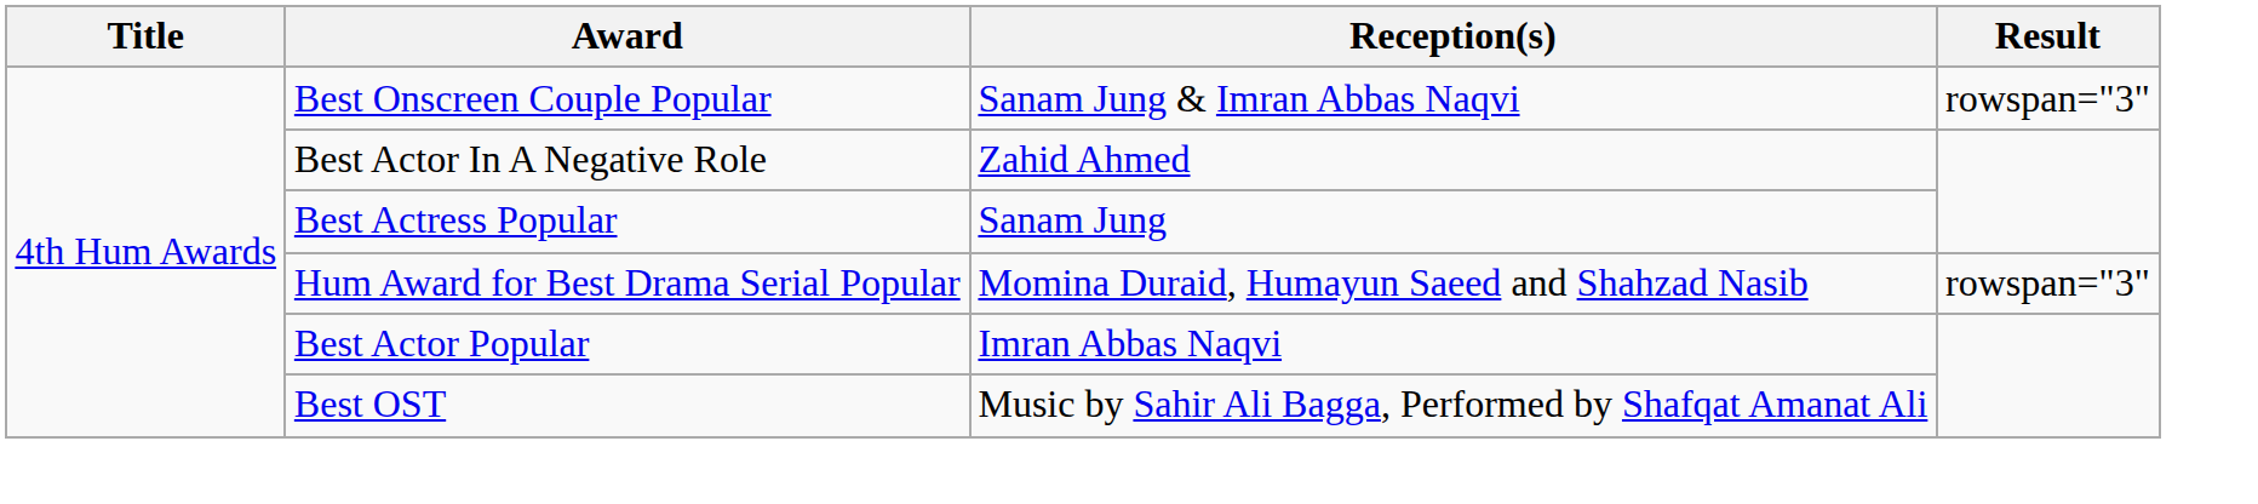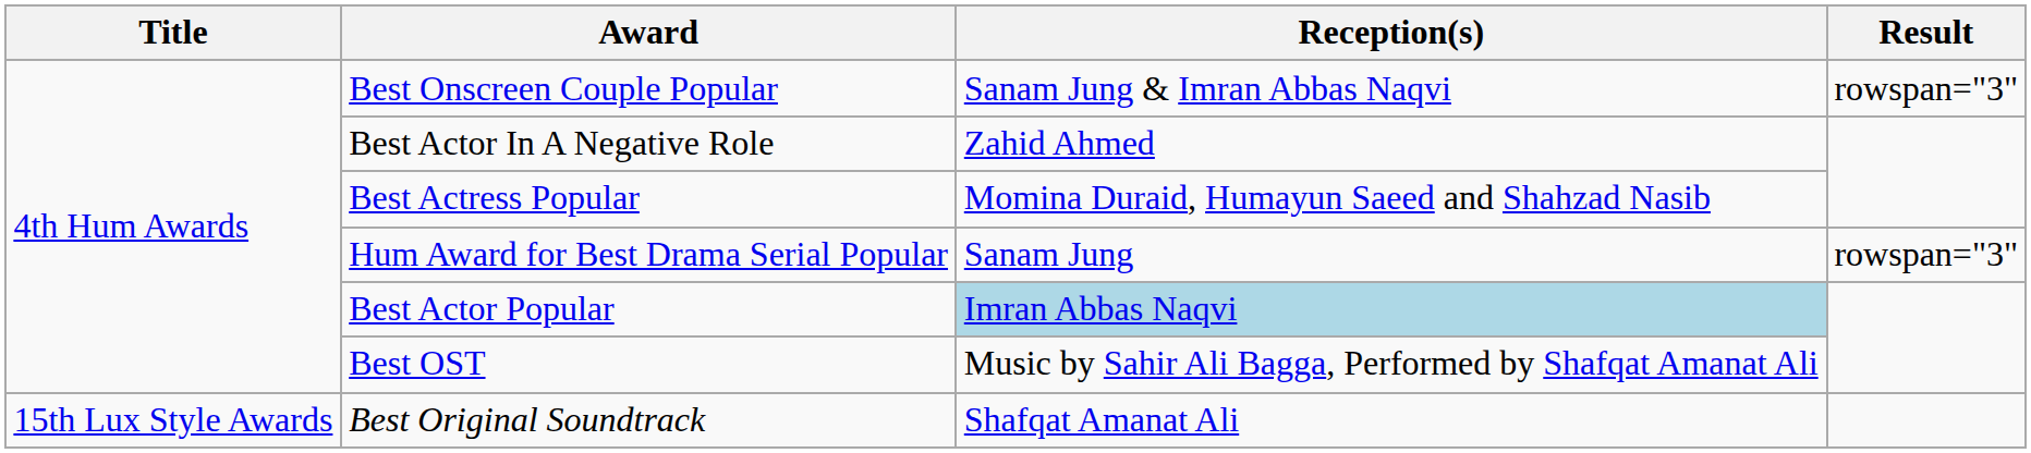 <table class=wikitable sortable>
 <tr>
 <th>Title</th>
 <th>Award</th>
 <th>Reception(s)</th>
 <th>Result</th>
 </tr>
 <tr>
 <td rowspan="6"><a href='#'>4th Hum Awards</a></td>
 <td><a href='#'>Best Onscreen Couple Popular</a></td>
 <td><a href='#'>Sanam Jung</a> & <a href='#'>Imran Abbas Naqvi</a></td>
 <td>rowspan="3" </td>
 </tr>
 <tr>
 <td>Best Actor In A Negative Role</td>
 <td><a href='#'>Zahid Ahmed</a></td>
 </tr>
 <tr>
 <td><a href='#'>Best Actress Popular</a></td>
-<td><a href='#'>Sanam Jung</a></td>
+<td><a href='#'>Momina Duraid</a>, <a href='#'>Humayun Saeed</a> and <a href='#'>Shahzad Nasib</a></td>
 </tr>
 <tr>
 <td><a href='#'>Hum Award for Best Drama Serial Popular</a></td>
-<td><a href='#'>Momina Duraid</a>, <a href='#'>Humayun Saeed</a> and <a href='#'>Shahzad Nasib</a></td>
+<td><a href='#'>Sanam Jung</a></td>
 <td>rowspan="3" </td>
 </tr>
 <tr>
 <td><a href='#'>Best Actor Popular</a></td>
-<td><a href='#'>Imran Abbas Naqvi</a></td>
+<td style="background: lightblue;"><a href='#'>Imran Abbas Naqvi</a></td>
 </tr>
 <tr>
 <td><a href='#'>Best OST</a></td>
 <td>Music by <a href='#'>Sahir Ali Bagga</a>, Performed by <a href='#'>Shafqat Amanat Ali</a></td>
 </tr>
+<tr>
+<td><a href='#'>15th Lux Style Awards</a></td>
+<td><em>Best Original Soundtrack</em></td>
+<td><a href='#'>Shafqat Amanat Ali</a></td>
+<td></td>
+</tr>
 </table>
